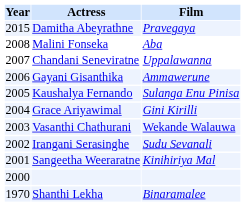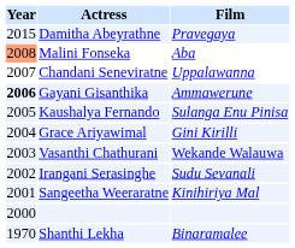 <table cellspacing="1" cellpadding="1" border="0" width="50%">
 <tr bgcolor="#d1e4fd">
 <th>Year</th>
 <th>Actress</th>
 <th>Film</th>
 </tr>
 <tr bgcolor=#edf3fe>
 <td>2015</td>
 <td><a href='#'>Damitha Abeyrathne</a></td>
 <td><em><a href='#'>Pravegaya</a></em></td>
 </tr>
 <tr>
-<td>2008</td>
+<td style="background: lightsalmon;">2008</td>
 <td><a href='#'>Malini Fonseka</a></td>
 <td><em><a href='#'>Aba</a></em></td>
 </tr>
 <tr>
 <td>2007</td>
 <td><a href='#'>Chandani Seneviratne</a></td>
 <td><em><a href='#'>Uppalawanna</a></em></td>
 </tr>
 <tr>
 </tr>
 <tr bgcolor=#edf3fe>
-<td>2006</td>
+<td><strong>2006</strong></td>
 <td><a href='#'>Gayani Gisanthika</a></td>
 <td><em><a href='#'>Ammawerune</a></em></td>
 </tr>
 <tr>
 </tr>
 <tr bgcolor=#edf3fe>
 <td>2005</td>
 <td><a href='#'>Kaushalya Fernando</a></td>
 <td><em><a href='#'>Sulanga Enu Pinisa</a></em></td>
 </tr>
 <tr>
 </tr>
 <tr bgcolor=#edf3fe>
 <td>2004</td>
 <td><a href='#'>Grace Ariyawimal</a></td>
 <td><em><a href='#'>Gini Kirilli</a></em></td>
 </tr>
 <tr>
 </tr>
 <tr bgcolor=#edf3fe>
 <td>2003</td>
 <td><a href='#'>Vasanthi Chathurani</a></td>
 <td><a href='#'>Wekande Walauwa</a></td>
 </tr>
 <tr>
 </tr>
 <tr bgcolor=#edf3fe>
 <td>2002</td>
 <td><a href='#'>Irangani Serasinghe</a></td>
 <td><em><a href='#'>Sudu Sevanali</a></em></td>
 </tr>
 <tr>
 </tr>
 <tr bgcolor=#edf3fe>
 <td>2001</td>
 <td><a href='#'>Sangeetha Weeraratne</a></td>
 <td><em><a href='#'>Kinihiriya Mal</a></em></td>
 </tr>
 <tr>
 </tr>
 <tr bgcolor=#edf3fe>
 <td>2000</td>
 <td></td>
 <td></td>
 </tr>
 <tr>
 </tr>
 <tr bgcolor=#edf3fe>
 <td>1970</td>
 <td><a href='#'>Shanthi Lekha</a></td>
 <td><em><a href='#'>Binaramalee</a></em></td>
 </tr>
 <tr>
 </tr>
 </table>
